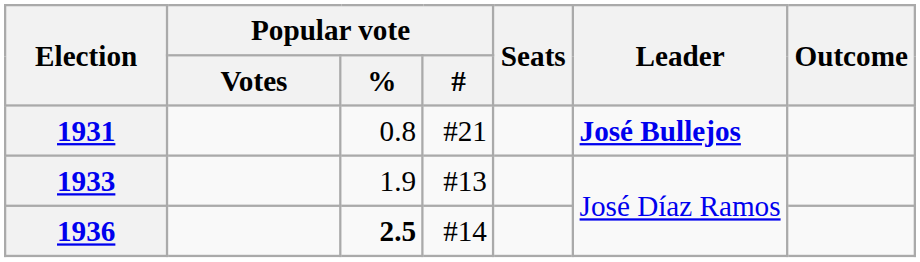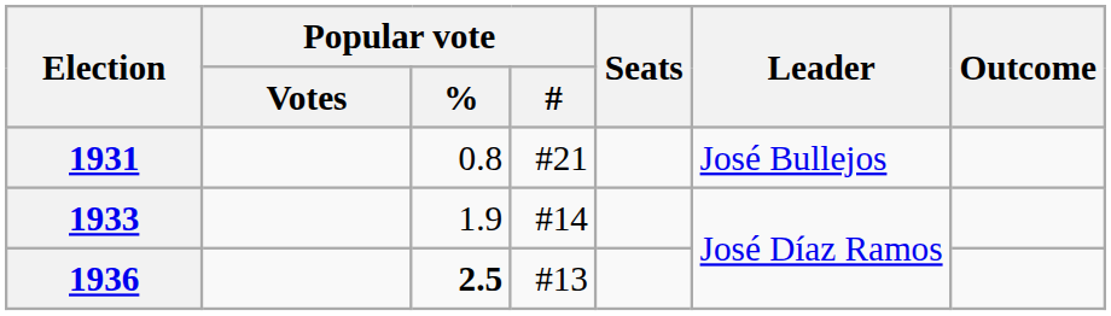 <table class="wikitable" style="text-align:right; font-size:80%; line-height:16px; font-family:Verdana;">
 <tr>
 <th rowspan="2" width="65">Election</th>
 <th colspan="3">Popular vote</th>
 <th rowspan="2">Seats</th>
 <th rowspan="2">Leader</th>
 <th rowspan="2">Outcome</th>
 </tr>
 <tr>
 <th width="70">Votes</th>
 <th width="30">%</th>
 <th width="25">#</th>
 </tr>
 <tr>
 <th><a href='#'>1931</a></th>
 <td></td>
 <td>0.8</td>
 <td>#21</td>
 <td></td>
-<td align="left"><strong><a href='#'>José Bullejos</a></strong></td>
+<td align="left"><a href='#'>José Bullejos</a></td>
 <td></td>
 </tr>
 <tr>
 <th><a href='#'>1933</a></th>
 <td></td>
 <td>1.9</td>
-<td>#13</td>
+<td>#14</td>
 <td></td>
 <td align="left" rowspan="2"><a href='#'>José Díaz Ramos</a></td>
 <td></td>
 </tr>
 <tr>
 <th><a href='#'>1936</a></th>
 <td></td>
 <td><strong>2.5</strong></td>
-<td>#14</td>
+<td>#13</td>
 <td></td>
 <td></td>
 </tr>
 </table>
